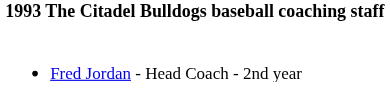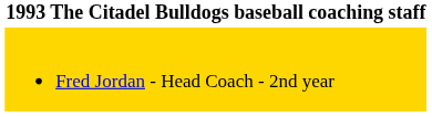 <table class="toccolours" style="text-align: left;">
 <tr>
 <th colspan="9">1993 The Citadel Bulldogs baseball coaching staff</th>
 </tr>
 <tr>
-<td style="font-size: 95%;" valign="top"><br><ul><li><a href='#'>Fred Jordan</a> - Head Coach - 2nd year</li></ul></td>
+<td style="background: gold; font-size: 95%;" valign="top"><br><ul><li><a href='#'>Fred Jordan</a> - Head Coach - 2nd year</li></ul></td>
 </tr>
 </table>
